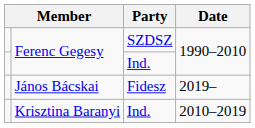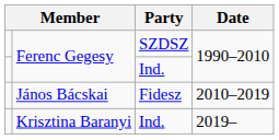 <table class=wikitable>
 <tr>
 <th colspan=2>Member</th>
 <th>Party</th>
 <th>Date</th>
 </tr>
 <tr>
 <td style="background-color:"></td>
 <td rowspan=2><a href='#'>Ferenc Gegesy</a></td>
 <td><a href='#'>SZDSZ</a></td>
 <td rowspan=2>1990–2010</td>
 </tr>
 <tr>
 <td style="background-color:"></td>
 <td><a href='#'>Ind.</a></td>
 </tr>
 <tr>
 <td style="background-color:"></td>
 <td><a href='#'>János Bácskai</a></td>
 <td><a href='#'>Fidesz</a></td>
-<td>2019–</td>
+<td>2010–2019</td>
 </tr>
 <tr>
 <td style="background-color:"></td>
 <td><a href='#'>Krisztina Baranyi</a></td>
 <td><a href='#'>Ind.</a></td>
-<td>2010–2019</td>
+<td>2019–</td>
 </tr>
 </table>
